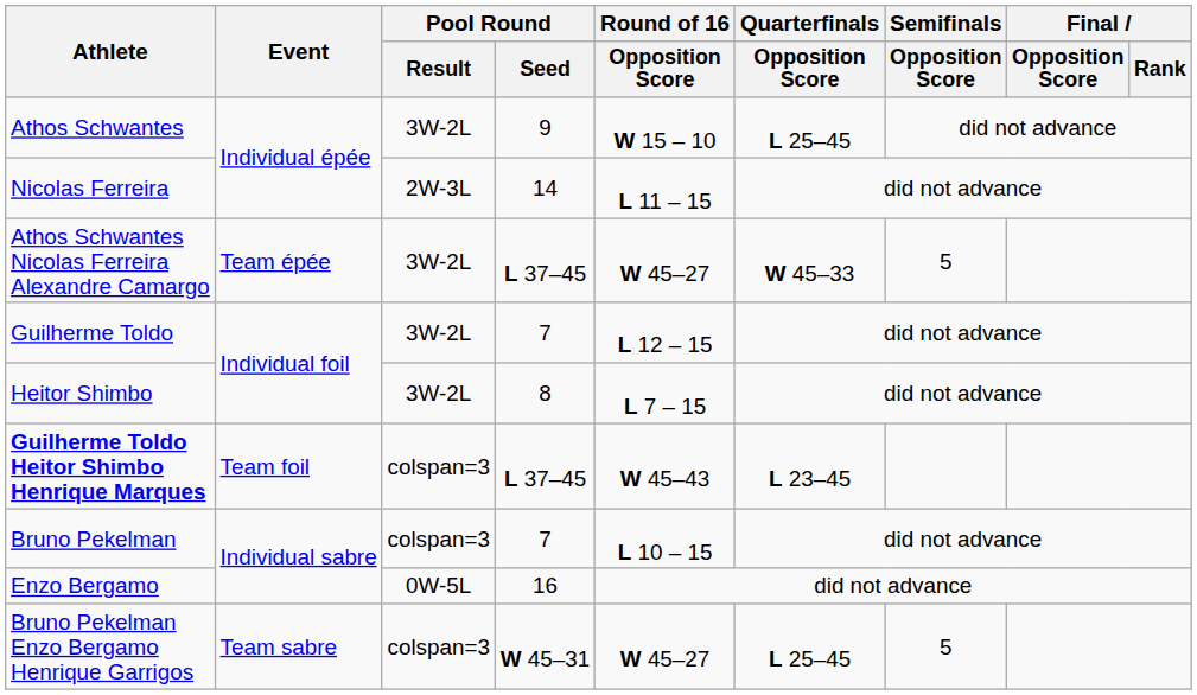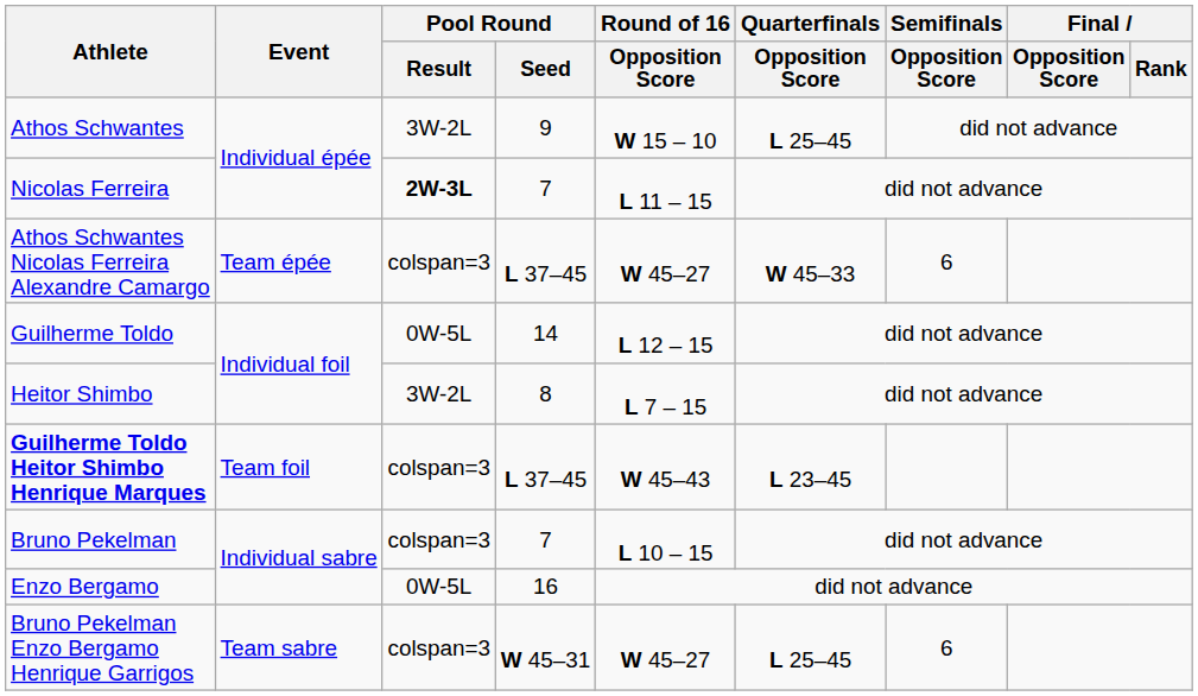 <table class=wikitable style="font-size:90%">
 <tr>
 <th rowspan="2">Athlete</th>
 <th rowspan="2">Event</th>
 <th colspan=2>Pool Round</th>
 <th>Round of 16</th>
 <th>Quarterfinals</th>
 <th>Semifinals</th>
 <th colspan=2>Final / </th>
 </tr>
 <tr style="font-size:95%">
 <th>Result</th>
 <th>Seed</th>
 <th>Opposition<br>Score</th>
 <th>Opposition<br>Score</th>
 <th>Opposition<br>Score</th>
 <th>Opposition<br>Score</th>
 <th>Rank</th>
 </tr>
 <tr align=center>
 <td align=left><a href='#'>Athos Schwantes</a></td>
 <td align=left rowspan=2><a href='#'>Individual épée</a></td>
 <td>3W-2L</td>
 <td>9</td>
 <td><br><strong>W</strong> 15 – 10</td>
 <td><br><strong>L</strong> 25–45</td>
 <td align=center colspan=3>did not advance</td>
 </tr>
 <tr align=center>
 <td align=left><a href='#'>Nicolas Ferreira</a></td>
-<td>2W-3L</td>
-<td>14</td>
+<td><strong>2W-3L</strong></td>
+<td>7</td>
 <td><br><strong>L</strong> 11 – 15</td>
 <td align=center colspan=4>did not advance</td>
 </tr>
 <tr align=center>
 <td align=left><a href='#'>Athos Schwantes</a><br><a href='#'>Nicolas Ferreira</a><br><a href='#'>Alexandre Camargo</a></td>
 <td align=left><a href='#'>Team épée</a></td>
-<td>3W-2L</td>
+<td>colspan=3 </td>
 <td><br><strong>L</strong> 37–45</td>
 <td><br><strong>W</strong> 45–27</td>
 <td><br><strong>W</strong> 45–33</td>
-<td>5</td>
+<td>6</td>
 </tr>
 <tr align=center>
 <td align=left><a href='#'>Guilherme Toldo</a></td>
 <td align=left rowspan=2><a href='#'>Individual foil</a></td>
-<td>3W-2L</td>
-<td>7</td>
+<td>0W-5L</td>
+<td>14</td>
 <td><br><strong>L</strong> 12 – 15</td>
 <td align=center colspan=4>did not advance</td>
 </tr>
 <tr align=center>
 <td align=left><a href='#'>Heitor Shimbo</a></td>
 <td>3W-2L</td>
 <td>8</td>
 <td><br><strong>L</strong> 7 – 15</td>
 <td align=center colspan=4>did not advance</td>
 </tr>
 <tr align=center>
 <td align=left><strong><a href='#'>Guilherme Toldo</a></strong><br><strong><a href='#'>Heitor Shimbo</a></strong><br><strong><a href='#'>Henrique Marques</a></strong></td>
 <td align=left><a href='#'>Team foil</a></td>
 <td>colspan=3 </td>
 <td><br><strong>L</strong> 37–45</td>
 <td><br><strong>W</strong> 45–43</td>
 <td><br><strong>L</strong> 23–45</td>
 <td></td>
 </tr>
 <tr align=center>
 <td align=left><a href='#'>Bruno Pekelman</a></td>
 <td align=left rowspan=2><a href='#'>Individual sabre</a></td>
 <td>colspan=3 </td>
 <td>7</td>
 <td><br><strong>L</strong> 10 – 15</td>
 <td align=center colspan=4>did not advance</td>
 </tr>
 <tr align=center>
 <td align=left><a href='#'>Enzo Bergamo</a></td>
 <td>0W-5L</td>
 <td>16</td>
 <td align=center colspan=5>did not advance</td>
 </tr>
 <tr align=center>
 <td align=left><a href='#'>Bruno Pekelman</a><br><a href='#'>Enzo Bergamo</a><br><a href='#'>Henrique Garrigos</a></td>
 <td align=left><a href='#'>Team sabre</a></td>
 <td>colspan=3 </td>
 <td><br><strong>W</strong> 45–31</td>
 <td><br><strong>W</strong> 45–27</td>
 <td><br><strong>L</strong> 25–45</td>
-<td>5</td>
+<td>6</td>
 </tr>
 </table>
